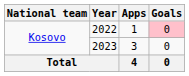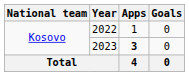 <table class="wikitable" style="text-align:center">
 <tr>
 <th>National team</th>
 <th>Year</th>
 <th>Apps</th>
 <th>Goals</th>
 </tr>
 <tr>
 <td rowspan="2"><a href='#'>Kosovo</a></td>
 <td>2022</td>
 <td>1</td>
-<td style="background: pink;">0</td>
+<td>0</td>
 </tr>
 <tr>
 <td>2023</td>
-<td>3</td>
+<td><strong>3</strong></td>
 <td>0</td>
 </tr>
 <tr>
 <th colspan="2">Total</th>
 <th>4</th>
 <th>0</th>
 </tr>
 </table>
